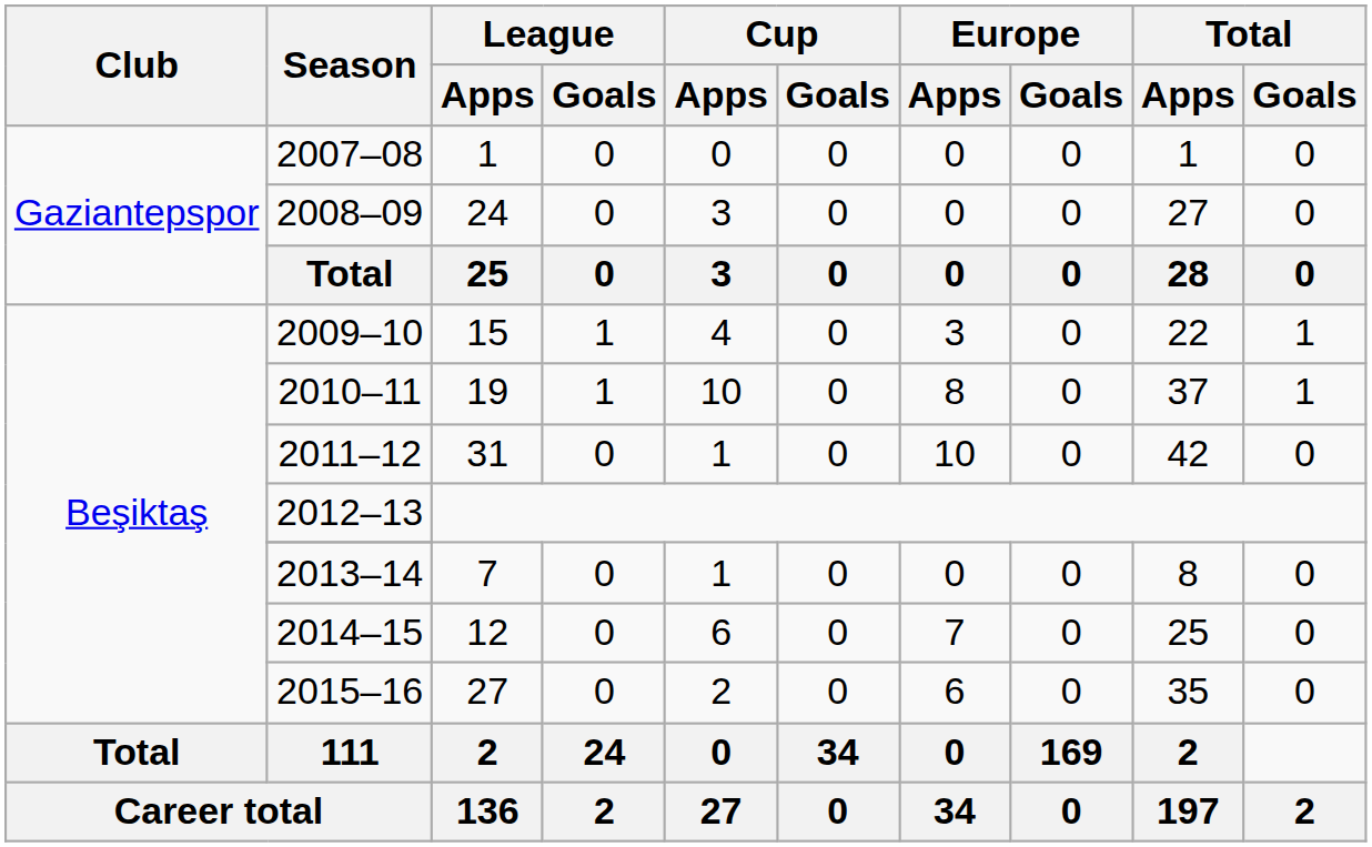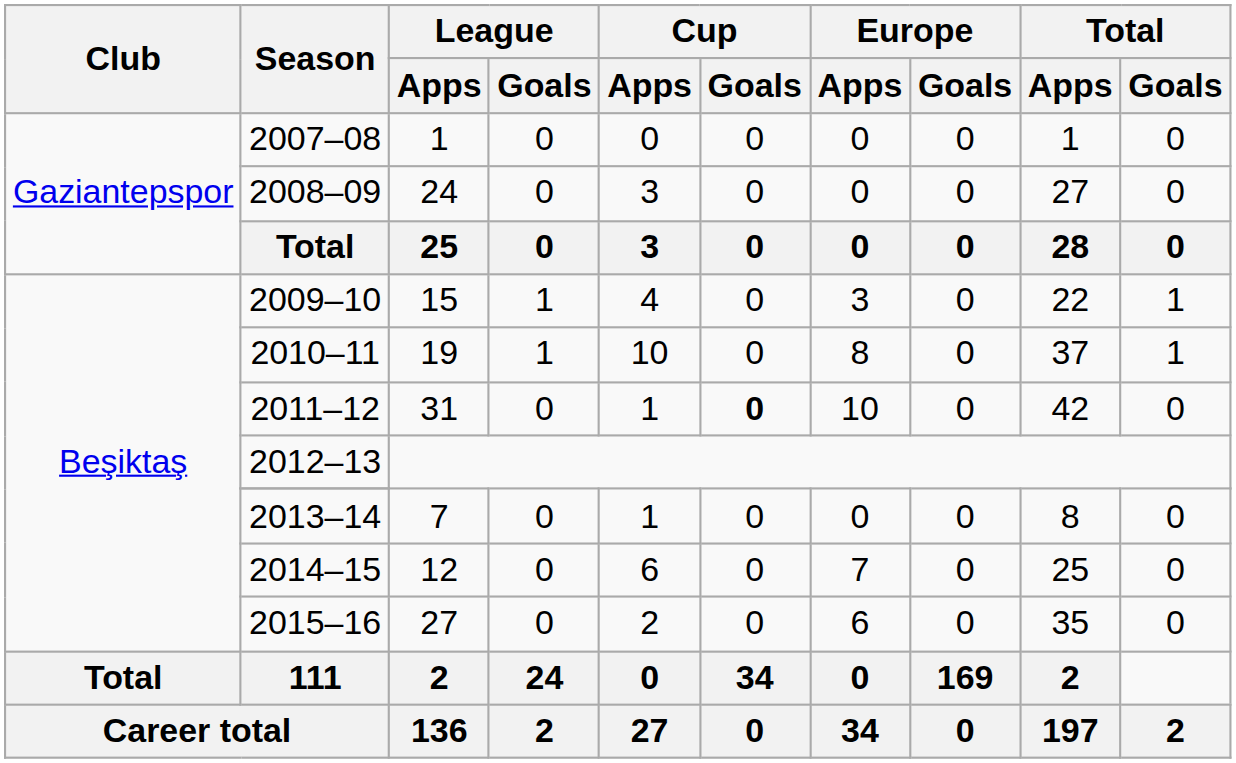 <table class="wikitable" style="text-align: center;">
 <tr>
 <th rowspan="2">Club</th>
 <th rowspan="2">Season</th>
 <th colspan="2">League</th>
 <th colspan="2">Cup</th>
 <th colspan="2">Europe</th>
 <th colspan="3">Total</th>
 </tr>
 <tr>
 <th>Apps</th>
 <th>Goals</th>
 <th>Apps</th>
 <th>Goals</th>
 <th>Apps</th>
 <th>Goals</th>
 <th>Apps</th>
 <th>Goals</th>
 </tr>
 <tr>
 <td rowspan="3" valign="center"><a href='#'>Gaziantepspor</a></td>
 <td>2007–08</td>
 <td>1</td>
 <td>0</td>
 <td>0</td>
 <td>0</td>
 <td>0</td>
 <td>0</td>
 <td>1</td>
 <td>0</td>
 </tr>
 <tr>
 <td>2008–09</td>
 <td>24</td>
 <td>0</td>
 <td>3</td>
 <td>0</td>
 <td>0</td>
 <td>0</td>
 <td>27</td>
 <td>0</td>
 </tr>
 <tr>
 <th colspan=1>Total</th>
 <th>25</th>
 <th>0</th>
 <th>3</th>
 <th>0</th>
 <th>0</th>
 <th>0</th>
 <th>28</th>
 <th>0</th>
 </tr>
 <tr>
 <td rowspan="8" valign="center"><a href='#'>Beşiktaş</a></td>
 <td>2009–10</td>
 <td>15</td>
 <td>1</td>
 <td>4</td>
 <td>0</td>
 <td>3</td>
 <td>0</td>
 <td>22</td>
 <td>1</td>
 </tr>
 <tr>
 <td>2010–11</td>
 <td>19</td>
 <td>1</td>
 <td>10</td>
 <td>0</td>
 <td>8</td>
 <td>0</td>
 <td>37</td>
 <td>1</td>
 </tr>
 <tr>
 <td>2011–12</td>
 <td>31</td>
 <td>0</td>
 <td>1</td>
-<td>0</td>
+<td><strong>0</strong></td>
 <td>10</td>
 <td>0</td>
 <td>42</td>
 <td>0</td>
 </tr>
 <tr>
 <td>2012–13</td>
 </tr>
 <tr ||-||-||-||-||-||-||->
 </tr>
 <tr>
 <td>2013–14</td>
 <td>7</td>
 <td>0</td>
 <td>1</td>
 <td>0</td>
 <td>0</td>
 <td>0</td>
 <td>8</td>
 <td>0</td>
 </tr>
 <tr>
 <td>2014–15</td>
 <td>12</td>
 <td>0</td>
 <td>6</td>
 <td>0</td>
 <td>7</td>
 <td>0</td>
 <td>25</td>
 <td>0</td>
 </tr>
 <tr>
 <td>2015–16</td>
 <td>27</td>
 <td>0</td>
 <td>2</td>
 <td>0</td>
 <td>6</td>
 <td>0</td>
 <td>35</td>
 <td>0</td>
 </tr>
 <tr>
 <th colspan=1>Total</th>
 <th>111</th>
 <th>2</th>
 <th>24</th>
 <th>0</th>
 <th>34</th>
 <th>0</th>
 <th>169</th>
 <th>2</th>
 </tr>
 <tr>
 <th colspan=2>Career total</th>
 <th>136</th>
 <th>2</th>
 <th>27</th>
 <th>0</th>
 <th>34</th>
 <th>0</th>
 <th>197</th>
 <th>2</th>
 </tr>
 </table>
